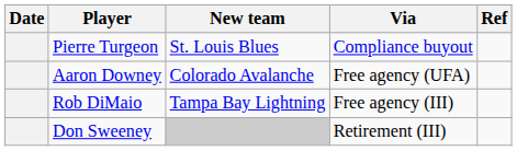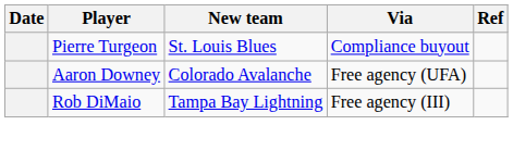 <table class="wikitable plainrowheaders">
 <tr style="background:#ddd; text-align:center;">
 <th>Date</th>
 <th>Player</th>
 <th>New team</th>
 <th>Via</th>
 <th>Ref</th>
 </tr>
 <tr>
 <th scope="row"></th>
 <td><a href='#'>Pierre Turgeon</a></td>
 <td><a href='#'>St. Louis Blues</a></td>
 <td><a href='#'>Compliance buyout</a></td>
 <td></td>
 </tr>
 <tr>
 <th scope="row"></th>
 <td><a href='#'>Aaron Downey</a></td>
 <td><a href='#'>Colorado Avalanche</a></td>
 <td>Free agency (UFA)</td>
 <td></td>
 </tr>
 <tr>
 <th scope="row"></th>
 <td><a href='#'>Rob DiMaio</a></td>
 <td><a href='#'>Tampa Bay Lightning</a></td>
 <td>Free agency (III)</td>
 <td></td>
 </tr>
-<tr>
-<th scope="row"></th>
-<td><a href='#'>Don Sweeney</a></td>
-<td style="background:#ccc"></td>
-<td>Retirement (III)</td>
-<td></td>
-</tr>
 </table>
